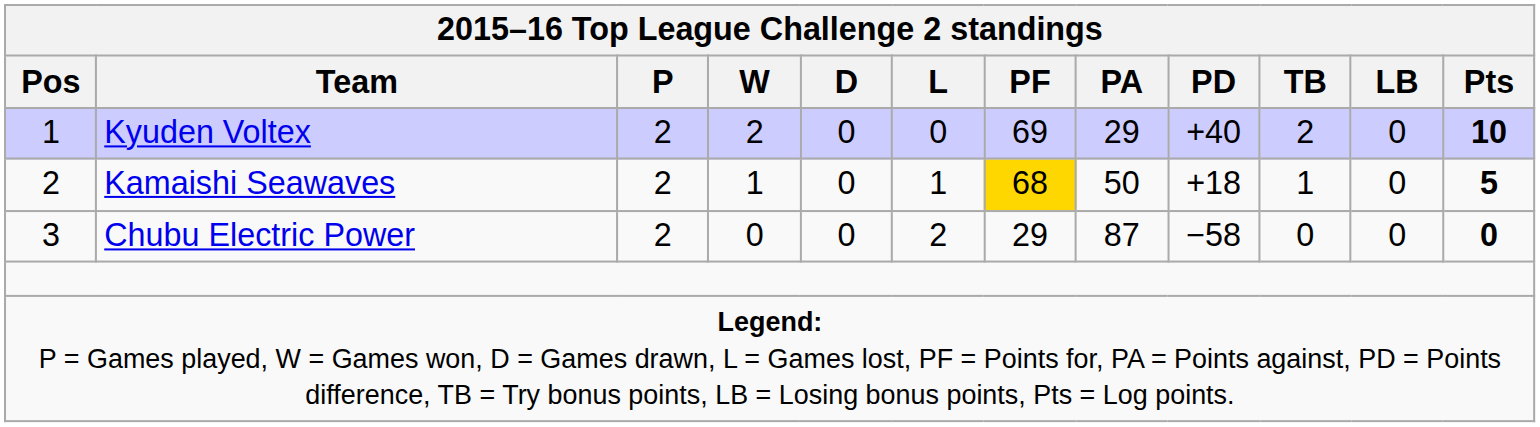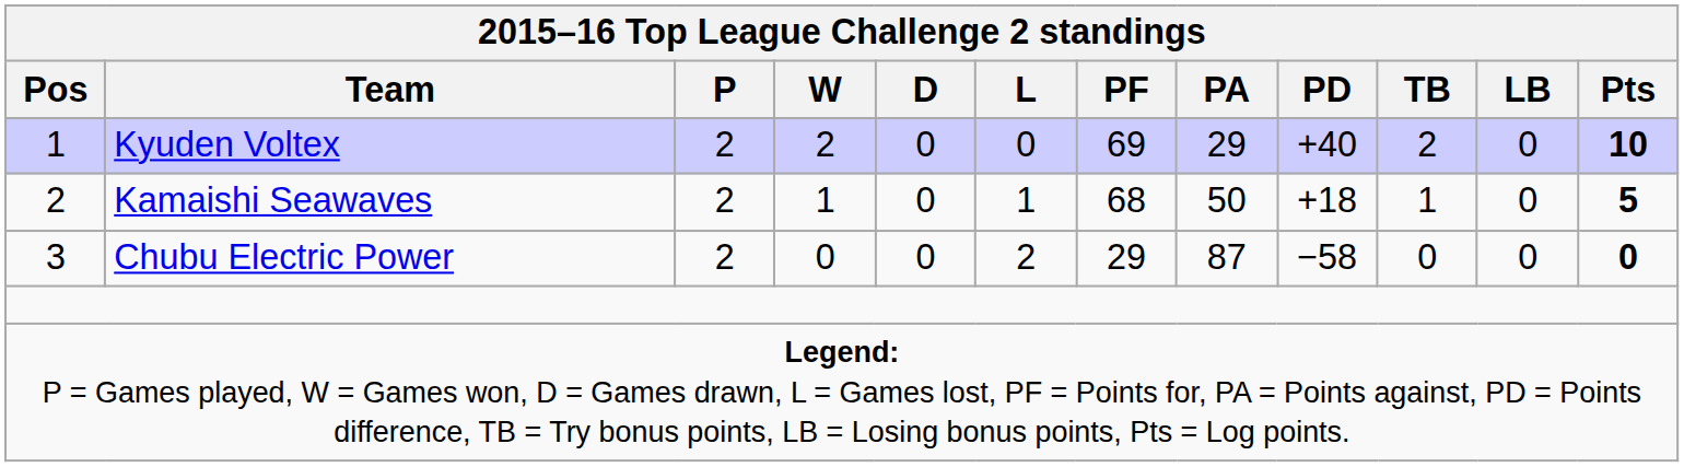 <table class="wikitable" style="text-align:center; font-size:100%; width:60%;">
 <tr>
 <th colspan="100%" cellpadding="0" cellspacing="0"><strong>2015–16 Top League Challenge 2 standings</strong></th>
 </tr>
 <tr>
 <th style="width:6%;">Pos</th>
 <th style="width:34%;">Team</th>
 <th style="width:6%;">P</th>
 <th style="width:6%;">W</th>
 <th style="width:6%;">D</th>
 <th style="width:6%;">L</th>
 <th style="width:6%;">PF</th>
 <th style="width:6%;">PA</th>
 <th style="width:6%;">PD</th>
 <th style="width:6%;">TB</th>
 <th style="width:6%;">LB</th>
 <th style="width:6%;">Pts<br></th>
 </tr>
 <tr style="background:#CCCCFF;">
 <td>1</td>
 <td style="text-align:left;"><a href='#'>Kyuden Voltex</a></td>
 <td>2</td>
 <td>2</td>
 <td>0</td>
 <td>0</td>
 <td>69</td>
 <td>29</td>
 <td>+40</td>
 <td>2</td>
 <td>0</td>
 <td><strong>10</strong></td>
 </tr>
 <tr>
 <td>2</td>
 <td style="text-align:left;"><a href='#'>Kamaishi Seawaves</a></td>
 <td>2</td>
 <td>1</td>
 <td>0</td>
 <td>1</td>
-<td style="background: gold;">68</td>
+<td>68</td>
 <td>50</td>
 <td>+18</td>
 <td>1</td>
 <td>0</td>
 <td><strong>5</strong></td>
 </tr>
 <tr>
 <td>3</td>
 <td style="text-align:left;"><a href='#'>Chubu Electric Power</a></td>
 <td>2</td>
 <td>0</td>
 <td>0</td>
 <td>2</td>
 <td>29</td>
 <td>87</td>
 <td>−58</td>
 <td>0</td>
 <td>0</td>
 <td><strong>0</strong></td>
 </tr>
 <tr>
 <td colspan="100%" style="height:10px;"></td>
 </tr>
 <tr>
 <td colspan="100%"><small><strong>Legend:</strong> <br> P = Games played, W = Games won, D = Games drawn, L = Games lost, PF = Points for, PA = Points against, PD = Points difference, TB = Try bonus points, LB = Losing bonus points, Pts = Log points.</small></td>
 </tr>
 </table>
